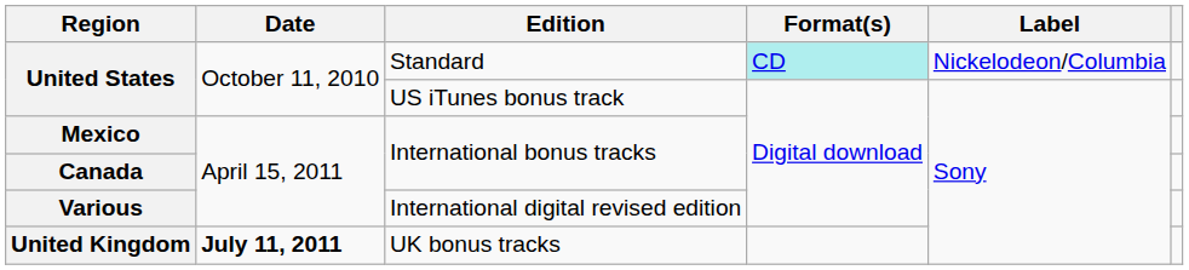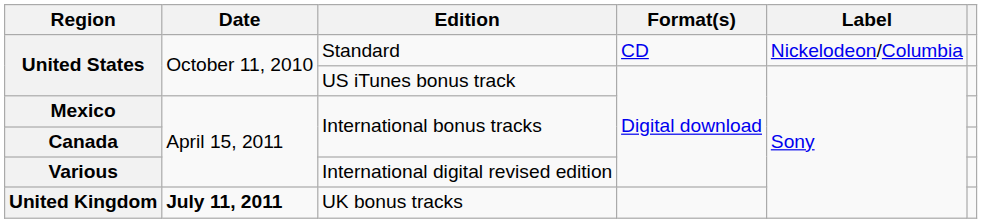 <table class="wikitable plainrowheaders">
 <tr>
 <th scope="col">Region</th>
 <th scope="col">Date</th>
 <th scope="col">Edition</th>
 <th scope="col">Format(s)</th>
 <th scope="col">Label</th>
 <th scope="col"></th>
 </tr>
 <tr>
 <th scope="row" rowspan="2">United States</th>
 <td rowspan="2">October 11, 2010</td>
 <td>Standard</td>
-<td style="background: paleturquoise;"><a href='#'>CD</a></td>
+<td><a href='#'>CD</a></td>
 <td><a href='#'>Nickelodeon</a>/<a href='#'>Columbia</a></td>
 <td style="text-align:center;"></td>
 </tr>
 <tr>
 <td>US iTunes bonus track</td>
 <td rowspan="4"><a href='#'>Digital download</a></td>
 <td rowspan="5"><a href='#'>Sony</a></td>
 <td style="text-align:center;"></td>
 </tr>
 <tr>
 <th scope="row">Mexico</th>
 <td rowspan="3">April 15, 2011</td>
 <td rowspan="2">International bonus tracks</td>
 <td style="text-align:center;"></td>
 </tr>
 <tr>
 <th scope="row">Canada</th>
 <td style="text-align:center;"></td>
 </tr>
 <tr>
 <th scope="row">Various</th>
 <td>International digital revised edition</td>
 <td style="text-align:center;"></td>
 </tr>
 <tr>
 <th scope="row">United Kingdom</th>
 <td><strong>July 11, 2011</strong></td>
 <td>UK bonus tracks</td>
 <td></td>
 <td style="text-align:center;"></td>
 </tr>
 </table>
